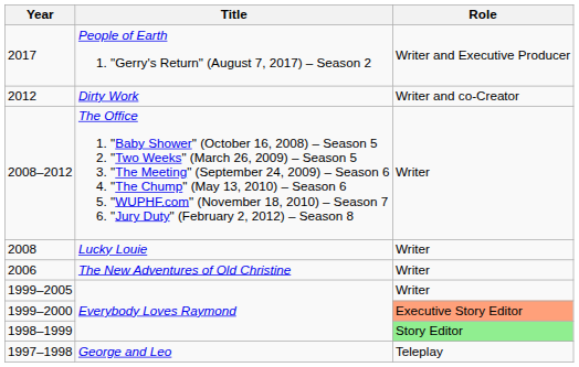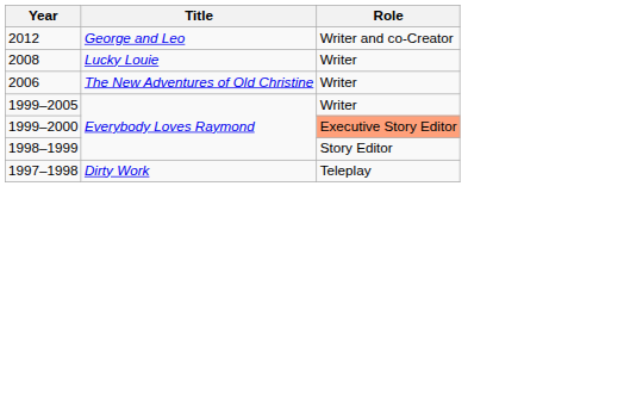 <table class="wikitable sortable">
 <tr>
 <th>Year</th>
 <th>Title</th>
 <th>Role</th>
 </tr>
 <tr>
-<td>2017</td>
-<td><em><a href='#'>People of Earth</a></em><br><ol><li>"Gerry's Return" (August 7, 2017) – Season 2</li></ol></td>
-<td>Writer and Executive Producer</td>
-</tr>
-<tr>
 <td>2012</td>
-<td><em><a href='#'>Dirty Work</a></em></td>
+<td><em><a href='#'>George and Leo</a></em></td>
 <td>Writer and co-Creator</td>
-</tr>
-<tr>
-<td>2008–2012</td>
-<td><em><a href='#'>The Office</a></em><br><ol><li>"<a href='#'>Baby Shower</a>" (October 16, 2008) – Season 5</li><li>"<a href='#'>Two Weeks</a>" (March 26, 2009) – Season 5</li><li>"<a href='#'>The Meeting</a>" (September 24, 2009) – Season 6</li><li>"<a href='#'>The Chump</a>" (May 13, 2010) – Season 6</li><li>"<a href='#'>WUPHF.com</a>" (November 18, 2010) – Season 7</li><li>"<a href='#'>Jury Duty</a>" (February 2, 2012) – Season 8</li></ol></td>
-<td>Writer</td>
 </tr>
 <tr>
 <td>2008</td>
 <td><em><a href='#'>Lucky Louie</a></em></td>
 <td>Writer</td>
 </tr>
 <tr>
 <td>2006</td>
 <td><em><a href='#'>The New Adventures of Old Christine</a></em></td>
 <td>Writer</td>
 </tr>
 <tr>
 <td>1999–2005</td>
 <td rowspan="3"><em><a href='#'>Everybody Loves Raymond</a></em></td>
 <td>Writer</td>
 </tr>
 <tr>
 <td>1999–2000</td>
 <td style="background: lightsalmon;">Executive Story Editor</td>
 </tr>
 <tr>
 <td>1998–1999</td>
-<td style="background: lightgreen;">Story Editor</td>
+<td>Story Editor</td>
 </tr>
 <tr>
 <td>1997–1998</td>
-<td><em><a href='#'>George and Leo</a></em></td>
+<td><em><a href='#'>Dirty Work</a></em></td>
 <td>Teleplay</td>
 </tr>
 </table>
